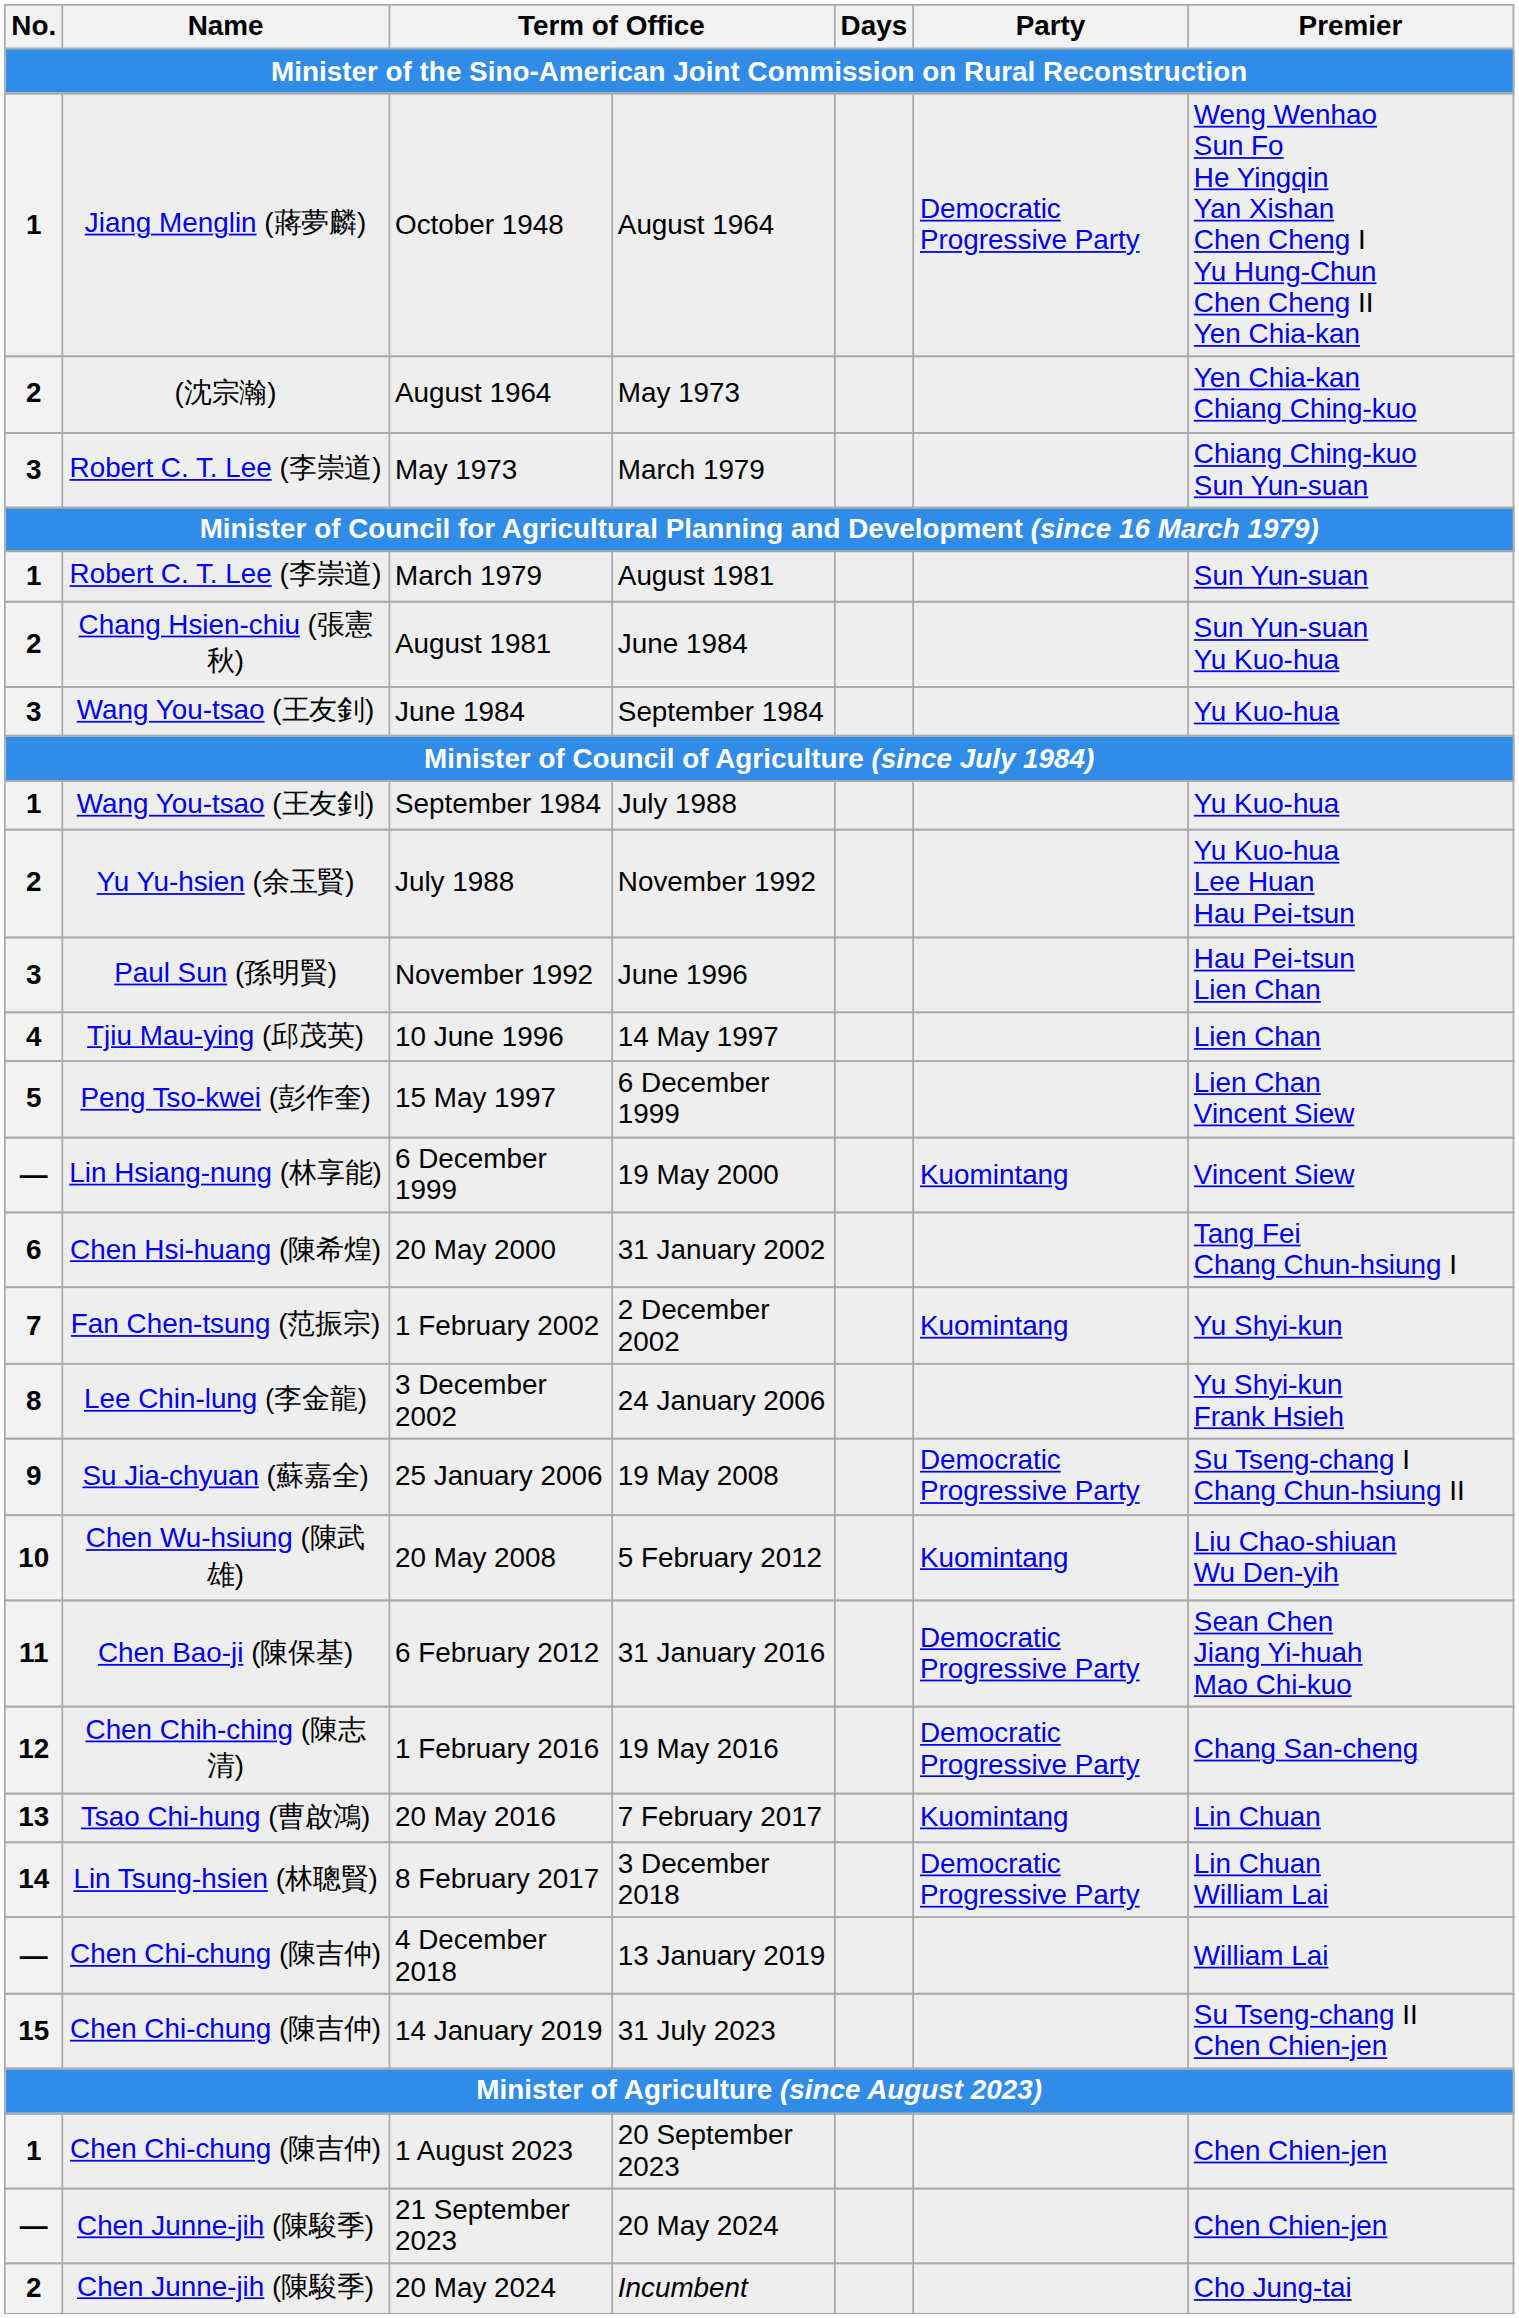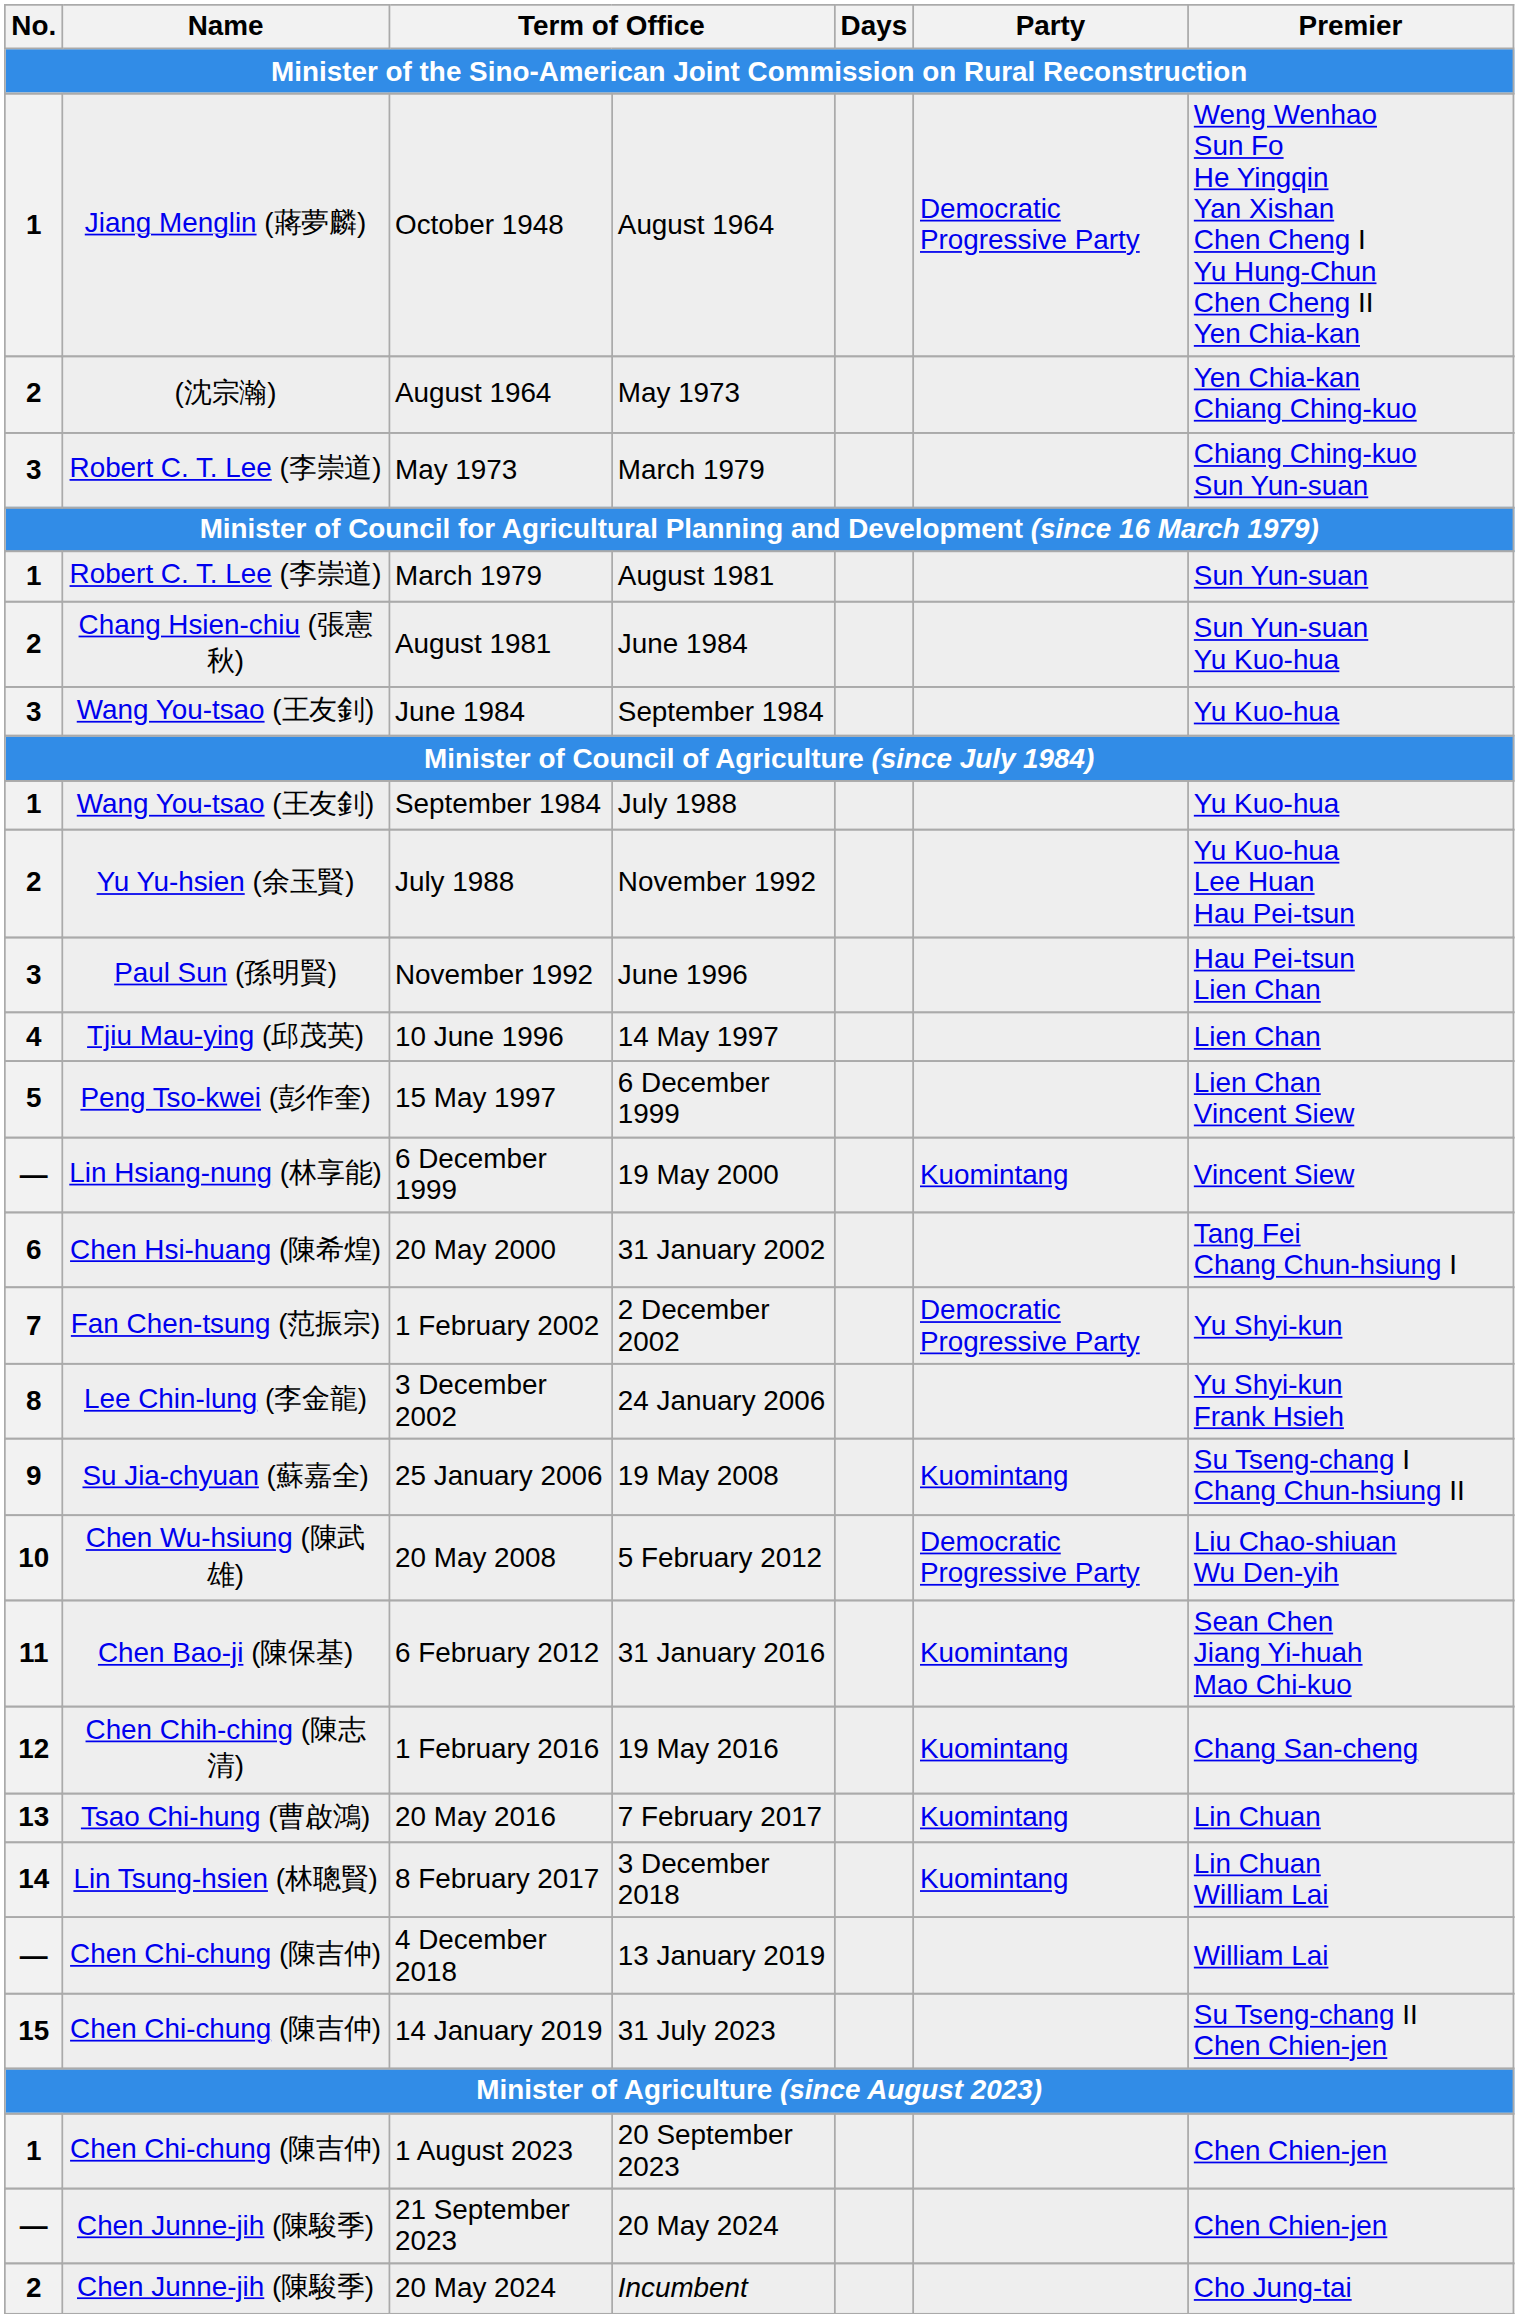 <table class="wikitable">
 <tr ->
 <th>No.</th>
 <th width="180">Name</th>
 <th colspan=2 width="180">Term of Office</th>
 <th>Days</th>
 <th width="150">Party</th>
 <th width="180">Premier</th>
 </tr>
 <tr ->
 <th colspan=7 style="background:#318CE7; color:white;">Minister of the Sino-American Joint Commission on Rural Reconstruction</th>
 </tr>
 <tr ->
 </tr>
 <tr - bgcolor=#EEEEEE>
 <th style="background:">1</th>
 <td align=center><a href='#'>Jiang Menglin</a> (蔣夢麟)</td>
 <td>October 1948</td>
 <td>August 1964</td>
 <td></td>
 <td><a href='#'>Democratic Progressive Party</a></td>
 <td><a href='#'>Weng Wenhao</a><br><a href='#'>Sun Fo</a><br><a href='#'>He Yingqin</a><br><a href='#'>Yan Xishan</a><br><a href='#'>Chen Cheng</a> I<br><a href='#'>Yu Hung-Chun</a><br><a href='#'>Chen Cheng</a> II<br><a href='#'>Yen Chia-kan</a></td>
 </tr>
 <tr ->
 </tr>
 <tr - bgcolor=#EEEEEE>
 <th style="background:">2</th>
 <td align=center> (沈宗瀚)</td>
 <td>August 1964</td>
 <td>May 1973</td>
 <td></td>
 <td></td>
 <td><a href='#'>Yen Chia-kan</a><br><a href='#'>Chiang Ching-kuo</a></td>
 </tr>
 <tr ->
 </tr>
 <tr - bgcolor=#EEEEEE>
 <th style="background:">3</th>
 <td align=center><a href='#'>Robert C. T. Lee</a> (李崇道)</td>
 <td>May 1973</td>
 <td>March 1979</td>
 <td></td>
 <td></td>
 <td><a href='#'>Chiang Ching-kuo</a><br><a href='#'>Sun Yun-suan</a></td>
 </tr>
 <tr ->
 </tr>
 <tr ->
 <th colspan=7 style="background:#318CE7; color:white;">Minister of Council for Agricultural Planning and Development <em>(since 16 March 1979)</em></th>
 </tr>
 <tr ->
 </tr>
 <tr - bgcolor=#EEEEEE>
 <th style="background:">1</th>
 <td align=center><a href='#'>Robert C. T. Lee</a> (李崇道)</td>
 <td>March 1979</td>
 <td>August 1981</td>
 <td></td>
 <td></td>
 <td><a href='#'>Sun Yun-suan</a></td>
 </tr>
 <tr ->
 </tr>
 <tr - bgcolor=#EEEEEE>
 <th style="background:">2</th>
 <td align=center><a href='#'>Chang Hsien-chiu</a> (張憲秋)</td>
 <td>August 1981</td>
 <td>June 1984</td>
 <td></td>
 <td></td>
 <td><a href='#'>Sun Yun-suan</a><br><a href='#'>Yu Kuo-hua</a></td>
 </tr>
 <tr ->
 </tr>
 <tr - bgcolor=#EEEEEE>
 <th style="background:">3</th>
 <td align=center><a href='#'>Wang You-tsao</a> (王友釗)</td>
 <td>June 1984</td>
 <td>September 1984</td>
 <td></td>
 <td></td>
 <td><a href='#'>Yu Kuo-hua</a></td>
 </tr>
 <tr ->
 </tr>
 <tr ->
 <th colspan=7 style="background:#318CE7; color:white;">Minister of Council of Agriculture <em>(since July 1984)</em></th>
 </tr>
 <tr ->
 </tr>
 <tr - bgcolor=#EEEEEE>
 <th style="background:">1</th>
 <td align=center><a href='#'>Wang You-tsao</a> (王友釗)</td>
 <td>September 1984</td>
 <td>July 1988</td>
 <td></td>
 <td></td>
 <td><a href='#'>Yu Kuo-hua</a></td>
 </tr>
 <tr ->
 </tr>
 <tr - bgcolor=#EEEEEE>
 <th style="background:">2</th>
 <td align=center><a href='#'>Yu Yu-hsien</a> (余玉賢)</td>
 <td>July 1988</td>
 <td>November 1992</td>
 <td></td>
 <td></td>
 <td><a href='#'>Yu Kuo-hua</a><br><a href='#'>Lee Huan</a><br><a href='#'>Hau Pei-tsun</a></td>
 </tr>
 <tr ->
 </tr>
 <tr - bgcolor=#EEEEEE>
 <th style="background:">3</th>
 <td align=center><a href='#'>Paul Sun</a> (孫明賢)</td>
 <td>November 1992</td>
 <td>June 1996</td>
 <td></td>
 <td></td>
 <td><a href='#'>Hau Pei-tsun</a><br><a href='#'>Lien Chan</a></td>
 </tr>
 <tr ->
 </tr>
 <tr - bgcolor=#EEEEEE>
 <th style="background:">4</th>
 <td align=center><a href='#'>Tjiu Mau-ying</a> (邱茂英)</td>
 <td>10 June 1996</td>
 <td>14 May 1997</td>
 <td></td>
 <td></td>
 <td><a href='#'>Lien Chan</a></td>
 </tr>
 <tr ->
 </tr>
 <tr - bgcolor=#EEEEEE>
 <th style="background:">5</th>
 <td align=center><a href='#'>Peng Tso-kwei</a> (彭作奎)</td>
 <td>15 May 1997</td>
 <td>6 December 1999</td>
 <td></td>
 <td></td>
 <td><a href='#'>Lien Chan</a><br><a href='#'>Vincent Siew</a></td>
 </tr>
 <tr ->
 </tr>
 <tr - bgcolor=#EEEEEE>
 <th style="background:">—</th>
 <td align=center><a href='#'>Lin Hsiang-nung</a> (林享能)</td>
 <td>6 December 1999</td>
 <td>19 May 2000</td>
 <td></td>
 <td><a href='#'>Kuomintang</a></td>
 <td><a href='#'>Vincent Siew</a></td>
 </tr>
 <tr ->
 </tr>
 <tr - bgcolor=#EEEEEE>
 <th style="background:">6</th>
 <td align=center><a href='#'>Chen Hsi-huang</a> (陳希煌)</td>
 <td>20 May 2000</td>
 <td>31 January 2002</td>
 <td></td>
 <td></td>
 <td><a href='#'>Tang Fei</a><br><a href='#'>Chang Chun-hsiung</a> I</td>
 </tr>
 <tr ->
 </tr>
 <tr - bgcolor=#EEEEEE>
 <th style="background:">7</th>
 <td align=center><a href='#'>Fan Chen-tsung</a> (范振宗)</td>
 <td>1 February 2002</td>
 <td>2 December 2002</td>
 <td></td>
-<td><a href='#'>Kuomintang</a></td>
+<td><a href='#'>Democratic Progressive Party</a></td>
 <td><a href='#'>Yu Shyi-kun</a></td>
 </tr>
 <tr ->
 </tr>
 <tr - bgcolor=#EEEEEE>
 <th style="background:">8</th>
 <td align=center><a href='#'>Lee Chin-lung</a> (李金龍)</td>
 <td>3 December 2002</td>
 <td>24 January 2006</td>
 <td></td>
 <td></td>
 <td><a href='#'>Yu Shyi-kun</a><br><a href='#'>Frank Hsieh</a></td>
 </tr>
 <tr ->
 </tr>
 <tr - bgcolor=#EEEEEE>
 <th style="background:">9</th>
 <td align=center><a href='#'>Su Jia-chyuan</a> (蘇嘉全)</td>
 <td>25 January 2006</td>
 <td>19 May 2008</td>
 <td></td>
-<td><a href='#'>Democratic Progressive Party</a></td>
+<td><a href='#'>Kuomintang</a></td>
 <td><a href='#'>Su Tseng-chang</a> I<br><a href='#'>Chang Chun-hsiung</a> II</td>
 </tr>
 <tr ->
 </tr>
 <tr - bgcolor=#EEEEEE>
 <th style="background:">10</th>
 <td align=center><a href='#'>Chen Wu-hsiung</a> (陳武雄)</td>
 <td>20 May 2008</td>
 <td>5 February 2012</td>
 <td></td>
-<td><a href='#'>Kuomintang</a></td>
+<td><a href='#'>Democratic Progressive Party</a></td>
 <td><a href='#'>Liu Chao-shiuan</a><br><a href='#'>Wu Den-yih</a></td>
 </tr>
 <tr ->
 </tr>
 <tr - bgcolor=#EEEEEE>
 <th style="background:">11</th>
 <td align=center><a href='#'>Chen Bao-ji</a> (陳保基)</td>
 <td>6 February 2012</td>
 <td>31 January 2016</td>
 <td></td>
-<td><a href='#'>Democratic Progressive Party</a></td>
+<td><a href='#'>Kuomintang</a></td>
 <td><a href='#'>Sean Chen</a><br><a href='#'>Jiang Yi-huah</a><br><a href='#'>Mao Chi-kuo</a></td>
 </tr>
 <tr ->
 </tr>
 <tr - bgcolor=#EEEEEE>
 <th style="background:">12</th>
 <td align=center><a href='#'>Chen Chih-ching</a> (陳志清)</td>
 <td>1 February 2016</td>
 <td>19 May 2016</td>
 <td></td>
-<td><a href='#'>Democratic Progressive Party</a></td>
+<td><a href='#'>Kuomintang</a></td>
 <td><a href='#'>Chang San-cheng</a></td>
 </tr>
 <tr ->
 </tr>
 <tr - bgcolor=#EEEEEE>
 <th style="background:">13</th>
 <td align=center><a href='#'>Tsao Chi-hung</a> (曹啟鴻)</td>
 <td>20 May 2016</td>
 <td>7 February 2017</td>
 <td></td>
 <td><a href='#'>Kuomintang</a></td>
 <td><a href='#'>Lin Chuan</a></td>
 </tr>
 <tr ->
 </tr>
 <tr - bgcolor=#EEEEEE>
 <th style="background:">14</th>
 <td align=center><a href='#'>Lin Tsung-hsien</a> (林聰賢)</td>
 <td>8 February 2017</td>
 <td>3 December 2018</td>
 <td></td>
-<td><a href='#'>Democratic Progressive Party</a></td>
+<td><a href='#'>Kuomintang</a></td>
 <td><a href='#'>Lin Chuan</a><br><a href='#'>William Lai</a></td>
 </tr>
 <tr ->
 </tr>
 <tr - bgcolor=#EEEEEE>
 <th style="background:">—</th>
 <td align=center><a href='#'>Chen Chi-chung</a> (陳吉仲)</td>
 <td>4 December 2018</td>
 <td>13 January 2019</td>
 <td></td>
 <td></td>
 <td><a href='#'>William Lai</a></td>
 </tr>
 <tr ->
 </tr>
 <tr - bgcolor=#EEEEEE>
 <th style="background:">15</th>
 <td align=center><a href='#'>Chen Chi-chung</a> (陳吉仲)</td>
 <td>14 January 2019</td>
 <td>31 July 2023</td>
 <td></td>
 <td></td>
 <td><a href='#'>Su Tseng-chang</a> II<br><a href='#'>Chen Chien-jen</a></td>
 </tr>
 <tr ->
 </tr>
 <tr ->
 <th colspan=7 style="background:#318CE7; color:white;">Minister of Agriculture <em>(since August 2023)</em></th>
 </tr>
 <tr ->
 </tr>
 <tr - bgcolor=#EEEEEE>
 <th style="background:">1</th>
 <td align=center><a href='#'>Chen Chi-chung</a> (陳吉仲)</td>
 <td>1 August 2023</td>
 <td>20 September 2023</td>
 <td></td>
 <td></td>
 <td><a href='#'>Chen Chien-jen</a></td>
 </tr>
 <tr ->
 </tr>
 <tr - bgcolor=#EEEEEE>
 <th style="background:">—</th>
 <td align=center><a href='#'>Chen Junne-jih</a> (陳駿季)</td>
 <td>21 September 2023</td>
 <td>20 May 2024</td>
 <td></td>
 <td></td>
 <td><a href='#'>Chen Chien-jen</a></td>
 </tr>
 <tr ->
 </tr>
 <tr - bgcolor=#EEEEEE>
 <th style="background:">2</th>
 <td align=center><a href='#'>Chen Junne-jih</a> (陳駿季)</td>
 <td>20 May 2024</td>
 <td><em>Incumbent</em></td>
 <td></td>
 <td></td>
 <td><a href='#'>Cho Jung-tai</a></td>
 </tr>
 <tr ->
 </tr>
 </table>
